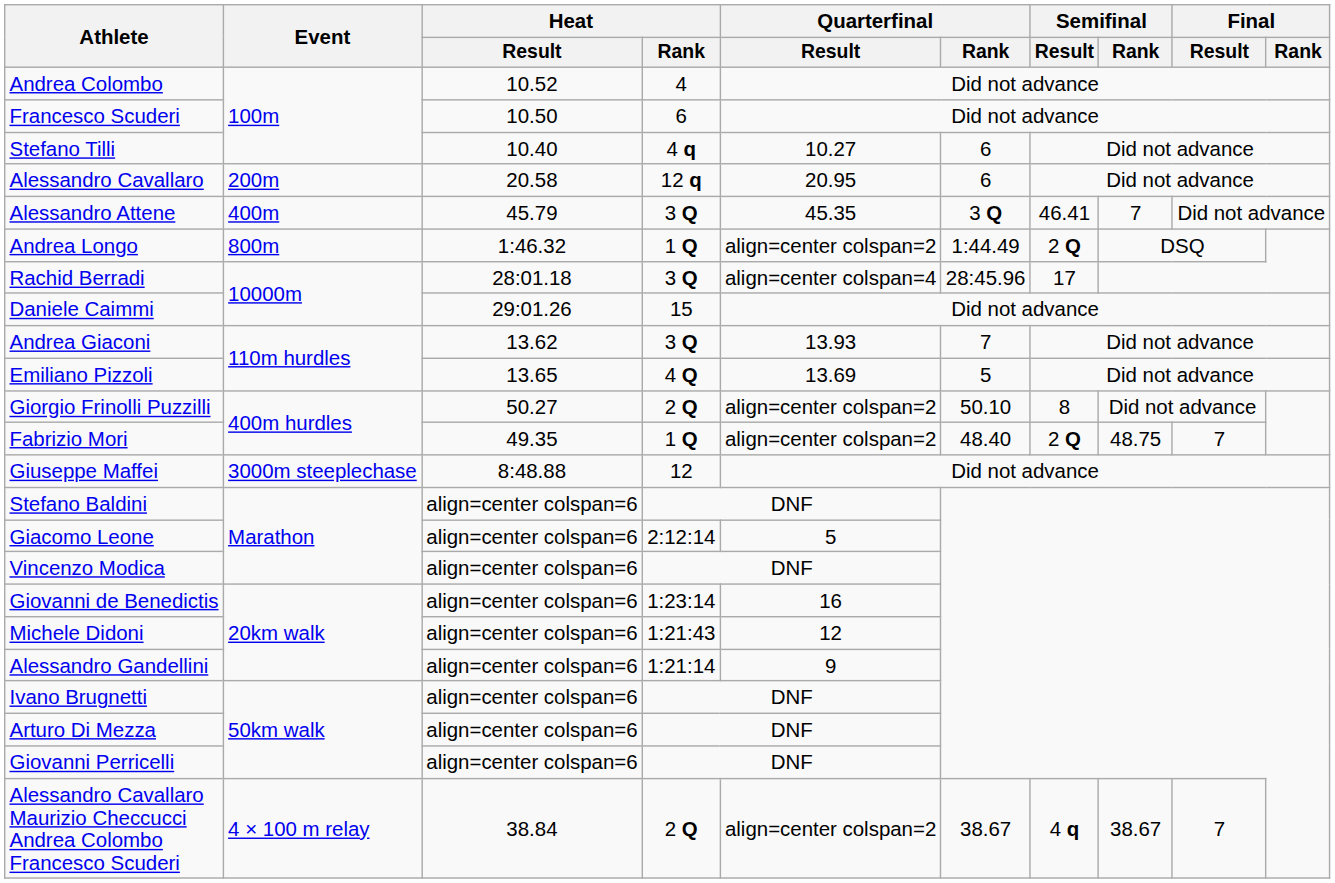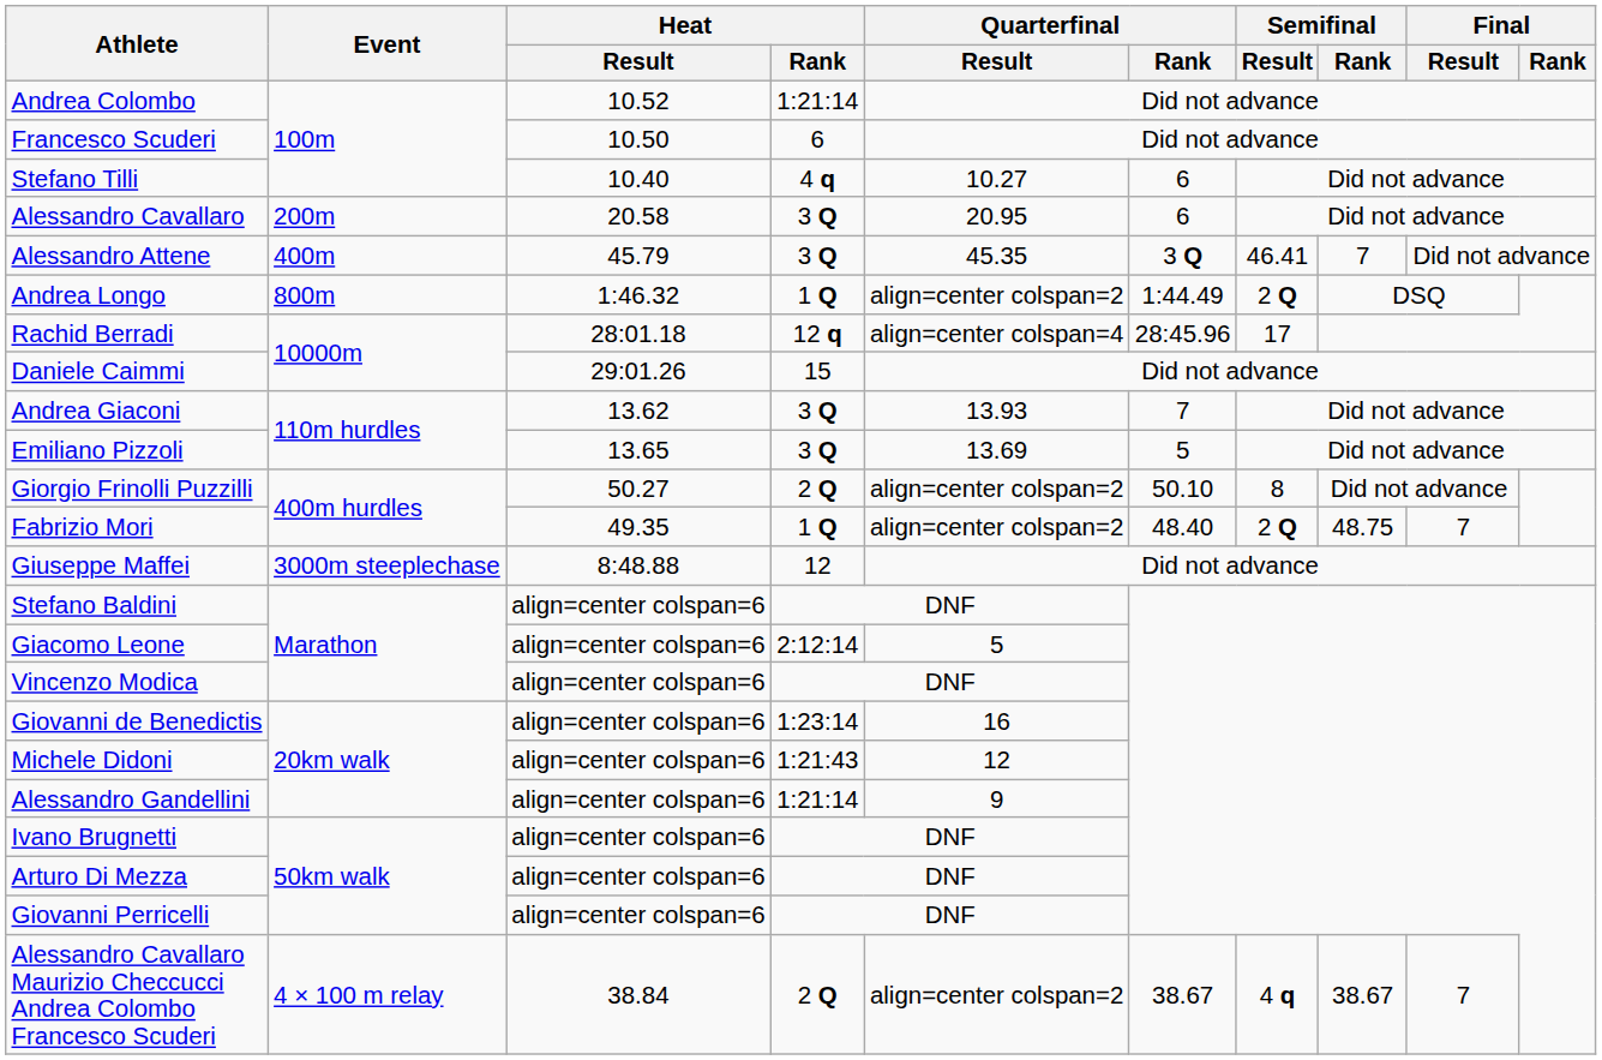 <table class=wikitable style="font-size:90%">
 <tr>
 <th rowspan="2">Athlete</th>
 <th rowspan="2">Event</th>
 <th colspan="2">Heat</th>
 <th colspan="2">Quarterfinal</th>
 <th colspan="2">Semifinal</th>
 <th colspan="2">Final</th>
 </tr>
 <tr style="font-size:95%">
 <th>Result</th>
 <th>Rank</th>
 <th>Result</th>
 <th>Rank</th>
 <th>Result</th>
 <th>Rank</th>
 <th>Result</th>
 <th>Rank</th>
 </tr>
 <tr>
 <td align=left><a href='#'>Andrea Colombo</a></td>
 <td align=left rowspan=3><a href='#'>100m</a></td>
 <td align=center>10.52</td>
-<td align=center>4</td>
+<td align=center>1:21:14</td>
 <td align=center colspan=6>Did not advance</td>
 </tr>
 <tr>
 <td align=left><a href='#'>Francesco Scuderi</a></td>
 <td align=center>10.50</td>
 <td align=center>6</td>
 <td align=center colspan=6>Did not advance</td>
 </tr>
 <tr>
 <td align=left><a href='#'>Stefano Tilli</a></td>
 <td align=center>10.40</td>
 <td align=center>4 <strong>q</strong></td>
 <td align=center>10.27</td>
 <td align=center>6</td>
 <td align=center colspan=4>Did not advance</td>
 </tr>
 <tr>
 <td align=left><a href='#'>Alessandro Cavallaro</a></td>
 <td align=left><a href='#'>200m</a></td>
 <td align=center>20.58</td>
-<td align=center>12 <strong>q</strong></td>
+<td align=center>3 <strong>Q</strong></td>
 <td align=center>20.95</td>
 <td align=center>6</td>
 <td align=center colspan=4>Did not advance</td>
 </tr>
 <tr>
 <td align=left><a href='#'>Alessandro Attene</a></td>
 <td align=left><a href='#'>400m</a></td>
 <td align=center>45.79</td>
 <td align=center>3 <strong>Q</strong></td>
 <td align=center>45.35</td>
 <td align=center>3 <strong>Q</strong></td>
 <td align=center>46.41</td>
 <td align=center>7</td>
 <td align=center colspan=2>Did not advance</td>
 </tr>
 <tr>
 <td align=left><a href='#'>Andrea Longo</a></td>
 <td align=left><a href='#'>800m</a></td>
 <td align=center>1:46.32</td>
 <td align=center>1 <strong>Q</strong></td>
 <td>align=center colspan=2 </td>
 <td align=center>1:44.49</td>
 <td align=center>2 <strong>Q</strong></td>
 <td align=center colspan=2>DSQ</td>
 </tr>
 <tr>
 <td align=left><a href='#'>Rachid Berradi</a></td>
 <td align=left rowspan=2><a href='#'>10000m</a></td>
 <td align=center>28:01.18</td>
-<td align=center>3 <strong>Q</strong></td>
+<td align=center>12 <strong>q</strong></td>
 <td>align=center colspan=4 </td>
 <td align=center>28:45.96</td>
 <td align=center>17</td>
 </tr>
 <tr>
 <td align=left><a href='#'>Daniele Caimmi</a></td>
 <td align=center>29:01.26</td>
 <td align=center>15</td>
 <td align=center colspan=6>Did not advance</td>
 </tr>
 <tr>
 <td align=left><a href='#'>Andrea Giaconi</a></td>
 <td align=left rowspan=2><a href='#'>110m hurdles</a></td>
 <td align=center>13.62</td>
 <td align=center>3 <strong>Q</strong></td>
 <td align=center>13.93</td>
 <td align=center>7</td>
 <td align=center colspan=4>Did not advance</td>
 </tr>
 <tr>
 <td align=left><a href='#'>Emiliano Pizzoli</a></td>
 <td align=center>13.65</td>
-<td align=center>4 <strong>Q</strong></td>
+<td align=center>3 <strong>Q</strong></td>
 <td align=center>13.69</td>
 <td align=center>5</td>
 <td align=center colspan=4>Did not advance</td>
 </tr>
 <tr>
 <td align=left><a href='#'>Giorgio Frinolli Puzzilli</a></td>
 <td align=left rowspan=2><a href='#'>400m hurdles</a></td>
 <td align=center>50.27</td>
 <td align=center>2 <strong>Q</strong></td>
 <td>align=center colspan=2 </td>
 <td align=center>50.10</td>
 <td align=center>8</td>
 <td align=center colspan=2>Did not advance</td>
 </tr>
 <tr>
 <td align=left><a href='#'>Fabrizio Mori</a></td>
 <td align=center>49.35</td>
 <td align=center>1 <strong>Q</strong></td>
 <td>align=center colspan=2 </td>
 <td align=center>48.40</td>
 <td align=center>2 <strong>Q</strong></td>
 <td align=center>48.75</td>
 <td align=center>7</td>
 </tr>
 <tr>
 <td align=left><a href='#'>Giuseppe Maffei</a></td>
 <td align=left><a href='#'>3000m steeplechase</a></td>
 <td align=center>8:48.88</td>
 <td align=center>12</td>
 <td align=center colspan=6>Did not advance</td>
 </tr>
 <tr>
 <td align=left><a href='#'>Stefano Baldini</a></td>
 <td align=left rowspan=3><a href='#'>Marathon</a></td>
 <td>align=center colspan=6 </td>
 <td align=center colspan=2>DNF</td>
 </tr>
 <tr>
 <td align=left><a href='#'>Giacomo Leone</a></td>
 <td>align=center colspan=6 </td>
 <td align=center>2:12:14</td>
 <td align=center>5</td>
 </tr>
 <tr>
 <td align=left><a href='#'>Vincenzo Modica</a></td>
 <td>align=center colspan=6 </td>
 <td align=center colspan=2>DNF</td>
 </tr>
 <tr>
 <td align=left><a href='#'>Giovanni de Benedictis</a></td>
 <td align=left rowspan=3><a href='#'>20km walk</a></td>
 <td>align=center colspan=6 </td>
 <td align=center>1:23:14</td>
 <td align=center>16</td>
 </tr>
 <tr>
 <td align=left><a href='#'>Michele Didoni</a></td>
 <td>align=center colspan=6 </td>
 <td align=center>1:21:43</td>
 <td align=center>12</td>
 </tr>
 <tr>
 <td align=left><a href='#'>Alessandro Gandellini</a></td>
 <td>align=center colspan=6 </td>
 <td align=center>1:21:14</td>
 <td align=center>9</td>
 </tr>
 <tr>
 <td align=left><a href='#'>Ivano Brugnetti</a></td>
 <td align=left rowspan=3><a href='#'>50km walk</a></td>
 <td>align=center colspan=6 </td>
 <td align=center colspan=2>DNF</td>
 </tr>
 <tr>
 <td align=left><a href='#'>Arturo Di Mezza</a></td>
 <td>align=center colspan=6 </td>
 <td align=center colspan=2>DNF</td>
 </tr>
 <tr>
 <td align=left><a href='#'>Giovanni Perricelli</a></td>
 <td>align=center colspan=6 </td>
 <td align=center colspan=2>DNF</td>
 </tr>
 <tr>
 <td align=left><a href='#'>Alessandro Cavallaro</a><br> <a href='#'>Maurizio Checcucci</a><br> <a href='#'>Andrea Colombo</a><br> <a href='#'>Francesco Scuderi</a></td>
 <td align=left><a href='#'>4 × 100 m relay</a></td>
 <td align=center>38.84</td>
 <td align=center>2 <strong>Q</strong></td>
 <td>align=center colspan=2 </td>
 <td align=center>38.67</td>
 <td align=center>4 <strong>q</strong></td>
 <td align=center>38.67</td>
 <td align=center>7</td>
 </tr>
 </table>
